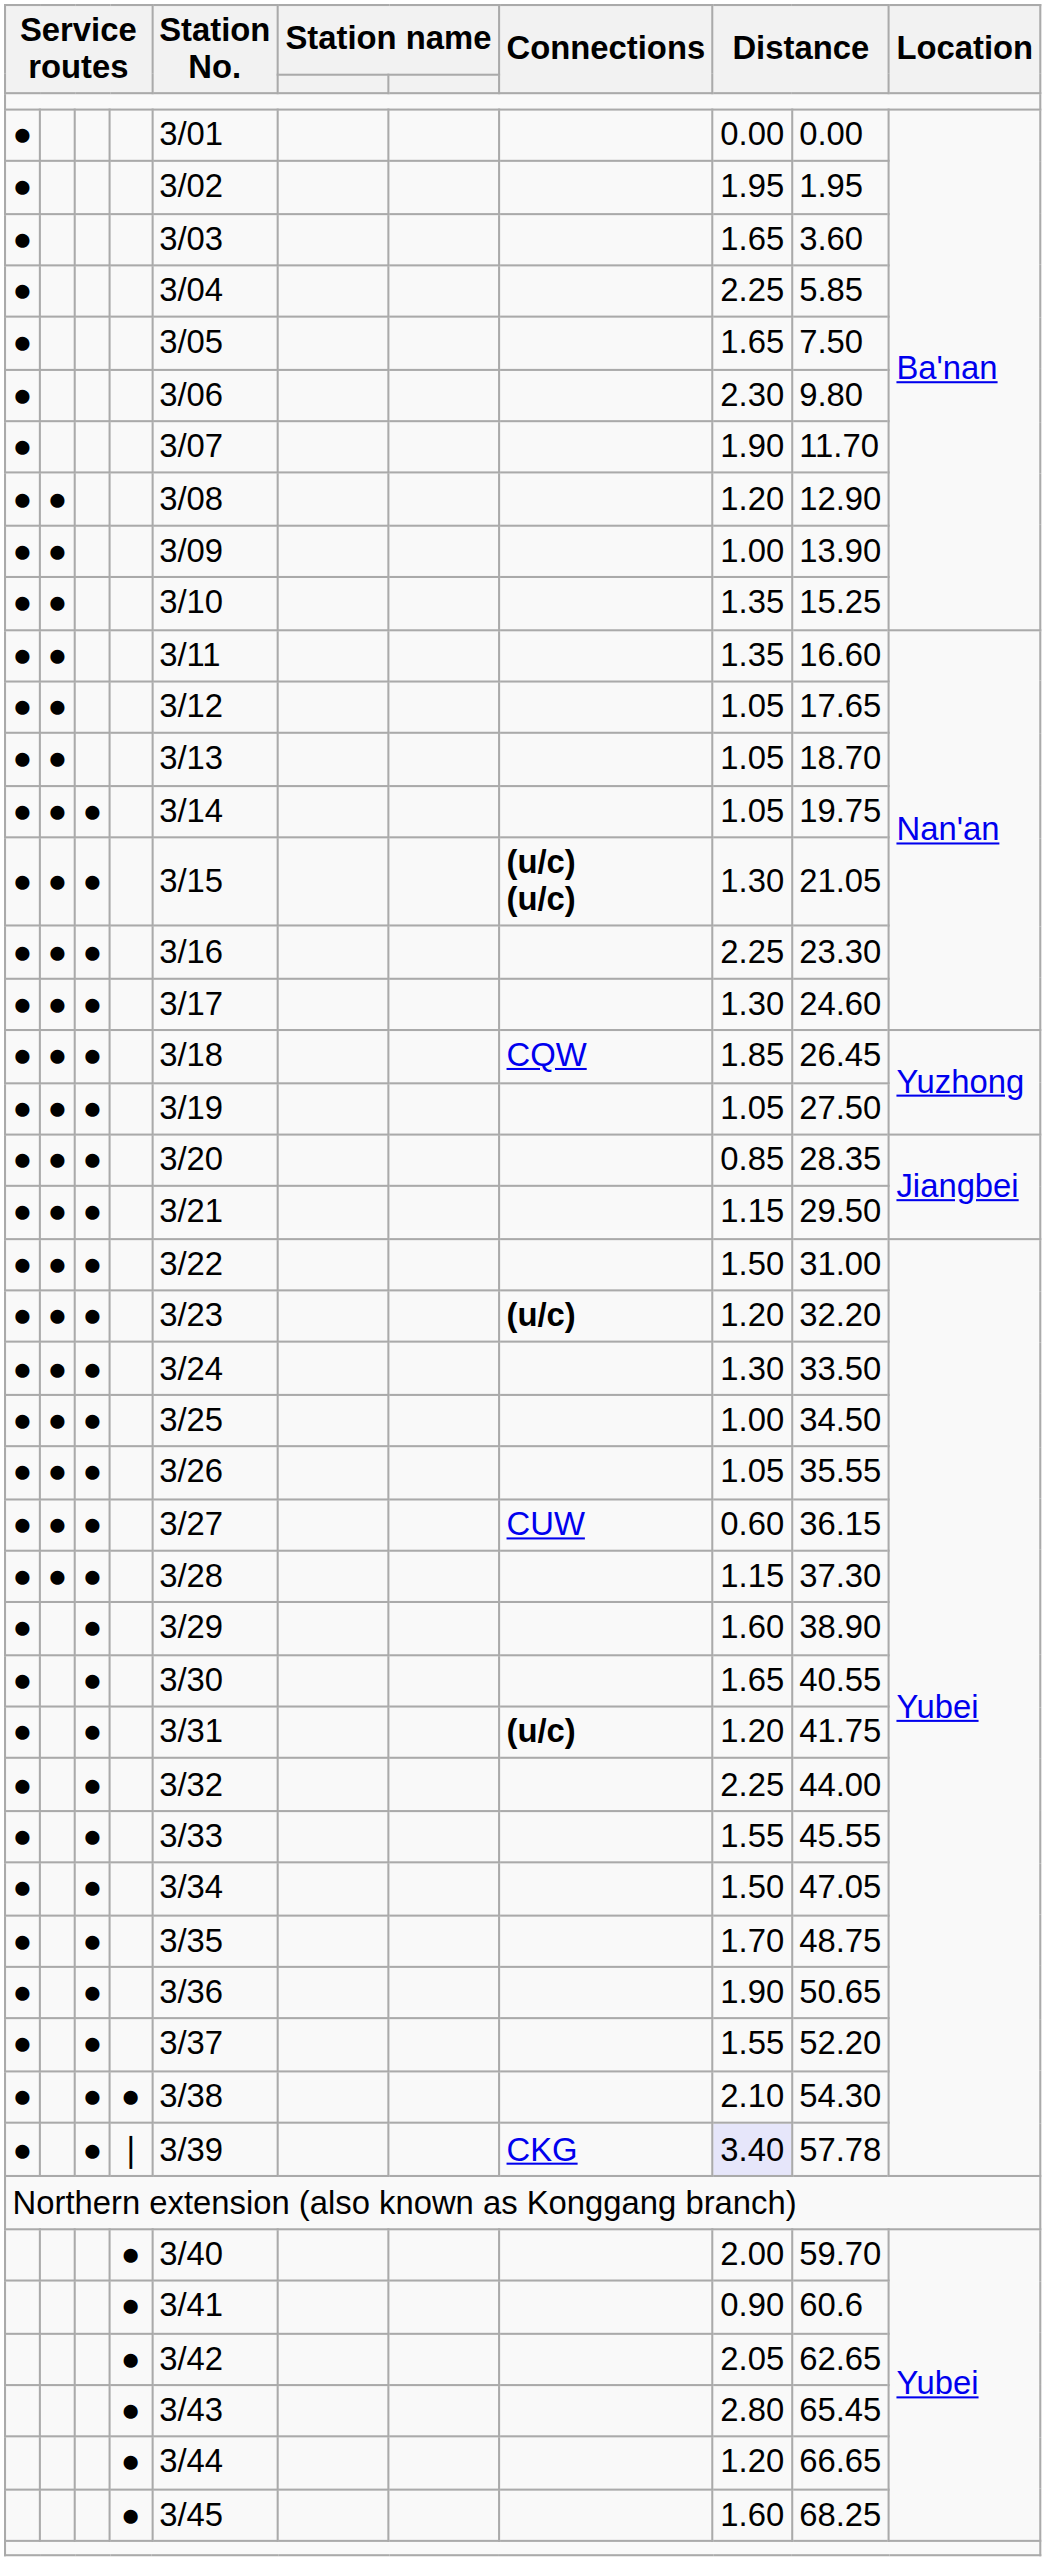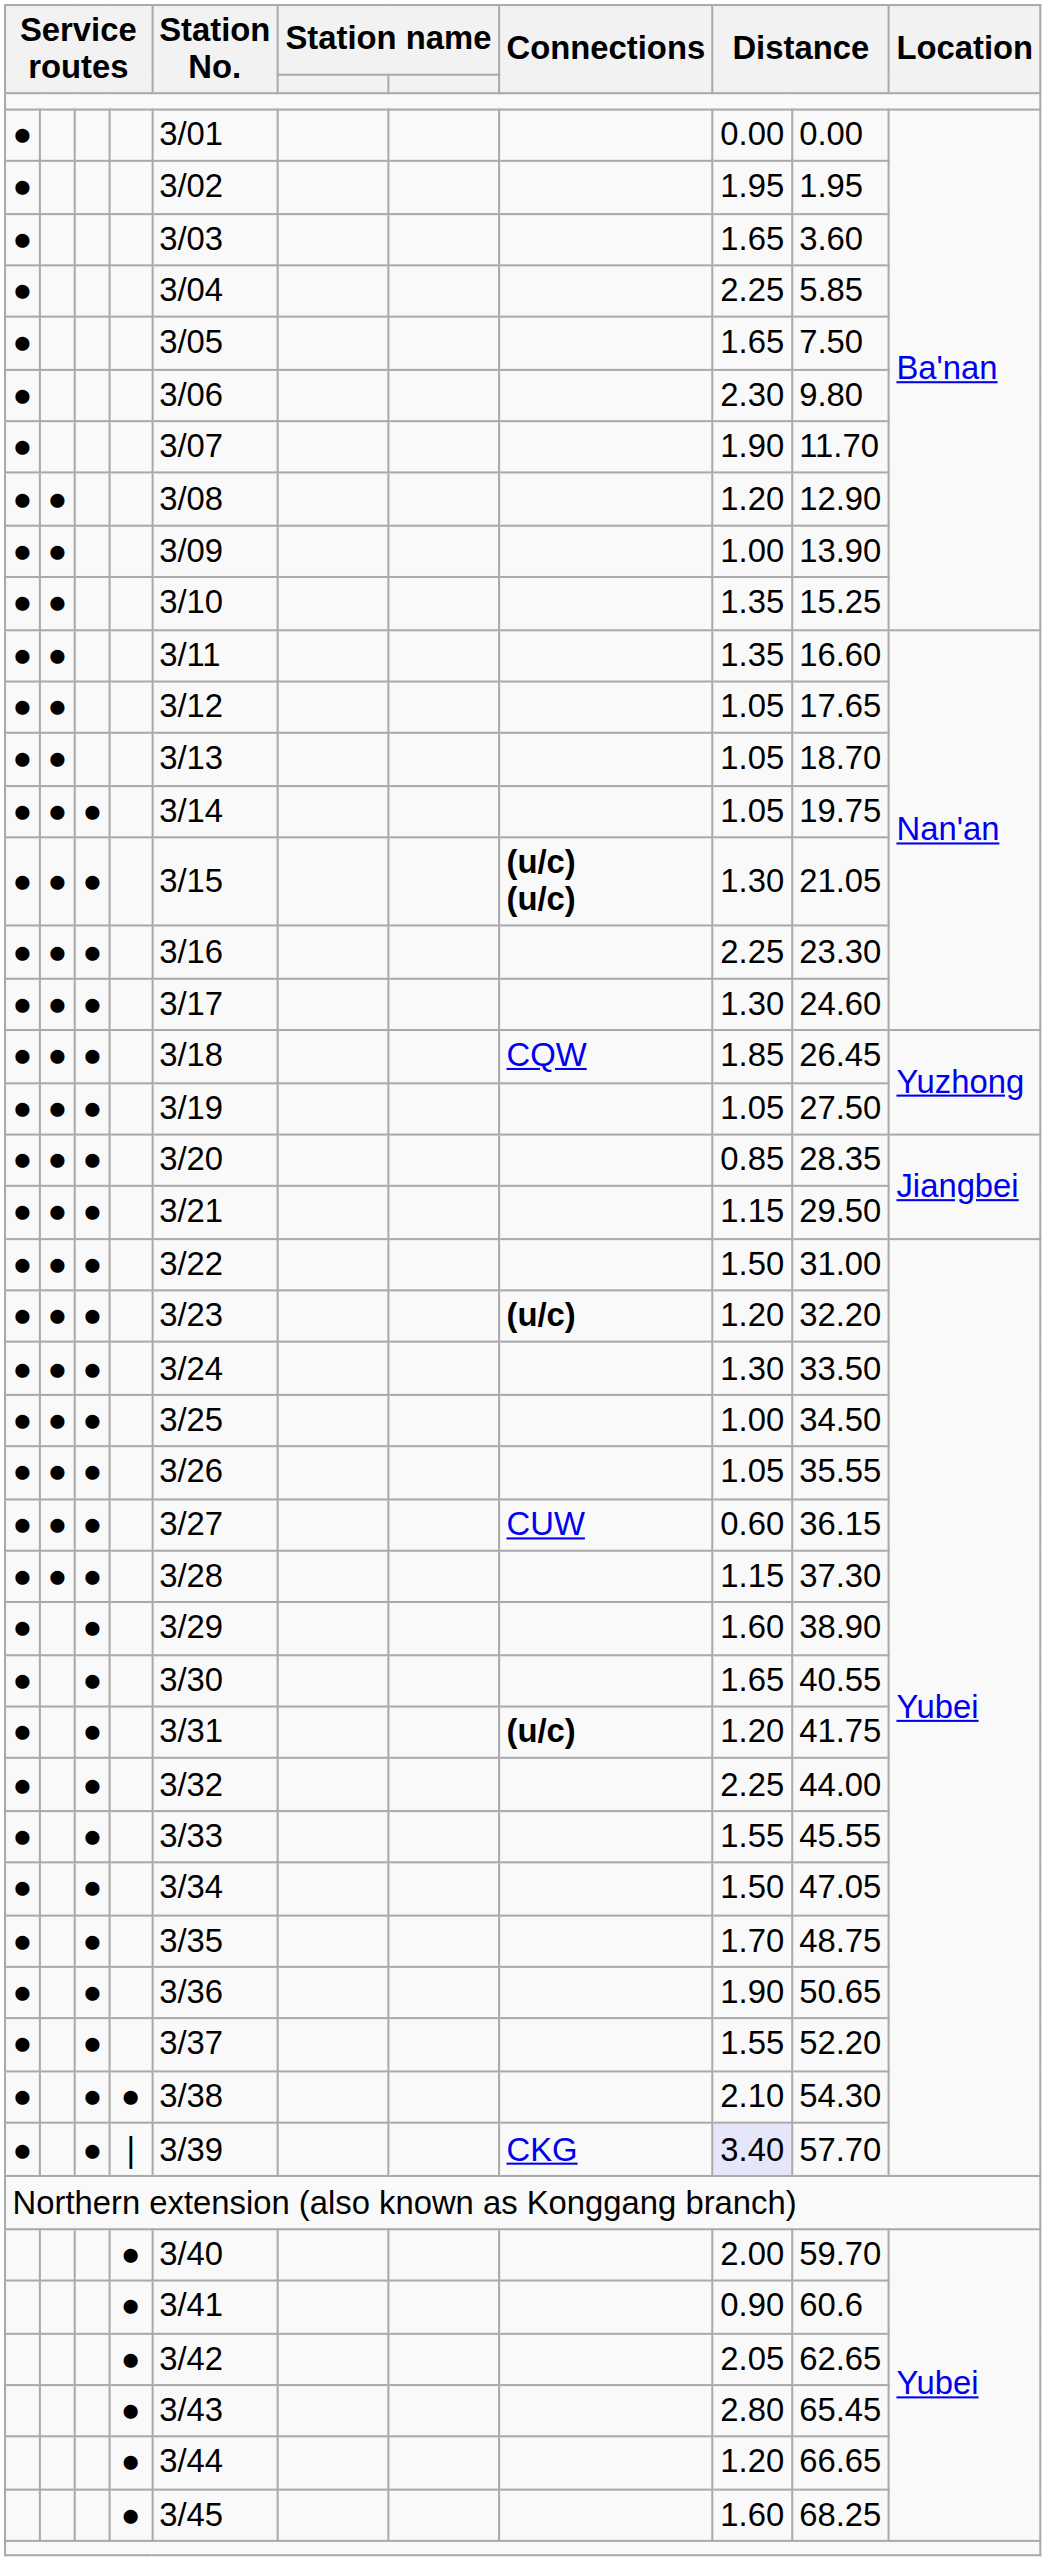 <table class="wikitable">
 <tr>
 <th rowspan="2" colspan="4">Service<br>routes</th>
 <th rowspan="2">Station<br>No.</th>
 <th colspan="2">Station name</th>
 <th rowspan="2">Connections</th>
 <th colspan="2" rowspan="2">Distance<br></th>
 <th rowspan="2">Location</th>
 </tr>
 <tr>
 <th></th>
 <th></th>
 </tr>
 <tr style="background:#">
 <td colspan="12"></td>
 </tr>
 <tr>
 <td align="center">●</td>
 <td align="center"></td>
 <td align="center"></td>
 <td align="center"></td>
 <td>3/01</td>
 <td></td>
 <td></td>
 <td></td>
 <td>0.00</td>
 <td>0.00</td>
 <td rowspan="10"><a href='#'>Ba'nan</a></td>
 </tr>
 <tr>
 <td align="center">●</td>
 <td align="center"></td>
 <td align="center"></td>
 <td align="center"></td>
 <td>3/02</td>
 <td></td>
 <td></td>
 <td></td>
 <td>1.95</td>
 <td>1.95</td>
 </tr>
 <tr>
 <td align="center">●</td>
 <td align="center"></td>
 <td align="center"></td>
 <td align="center"></td>
 <td>3/03</td>
 <td></td>
 <td></td>
 <td></td>
 <td>1.65</td>
 <td>3.60</td>
 </tr>
 <tr>
 <td align="center">●</td>
 <td align="center"></td>
 <td align="center"></td>
 <td align="center"></td>
 <td>3/04</td>
 <td></td>
 <td></td>
 <td></td>
 <td>2.25</td>
 <td>5.85</td>
 </tr>
 <tr>
 <td align="center">●</td>
 <td align="center"></td>
 <td align="center"></td>
 <td align="center"></td>
 <td>3/05</td>
 <td></td>
 <td></td>
 <td></td>
 <td>1.65</td>
 <td>7.50</td>
 </tr>
 <tr>
 <td align="center">●</td>
 <td align="center"></td>
 <td align="center"></td>
 <td align="center"></td>
 <td>3/06</td>
 <td></td>
 <td></td>
 <td></td>
 <td>2.30</td>
 <td>9.80</td>
 </tr>
 <tr>
 <td align="center">●</td>
 <td align="center"></td>
 <td align="center"></td>
 <td align="center"></td>
 <td>3/07</td>
 <td></td>
 <td></td>
 <td></td>
 <td>1.90</td>
 <td>11.70</td>
 </tr>
 <tr>
 <td align="center">●</td>
 <td align="center">●</td>
 <td align="center"></td>
 <td align="center"></td>
 <td>3/08</td>
 <td></td>
 <td></td>
 <td></td>
 <td>1.20</td>
 <td>12.90</td>
 </tr>
 <tr>
 <td align="center">●</td>
 <td align="center">●</td>
 <td align="center"></td>
 <td align="center"></td>
 <td>3/09</td>
 <td></td>
 <td></td>
 <td></td>
 <td>1.00</td>
 <td>13.90</td>
 </tr>
 <tr>
 <td align="center">●</td>
 <td align="center">●</td>
 <td align="center"></td>
 <td align="center"></td>
 <td>3/10</td>
 <td></td>
 <td></td>
 <td></td>
 <td>1.35</td>
 <td>15.25</td>
 </tr>
 <tr>
 <td align="center">●</td>
 <td align="center">●</td>
 <td align="center"></td>
 <td align="center"></td>
 <td>3/11</td>
 <td></td>
 <td></td>
 <td></td>
 <td>1.35</td>
 <td>16.60</td>
 <td rowspan="7"><a href='#'>Nan'an</a></td>
 </tr>
 <tr>
 <td align="center">●</td>
 <td align="center">●</td>
 <td align="center"></td>
 <td align="center"></td>
 <td>3/12</td>
 <td></td>
 <td></td>
 <td></td>
 <td>1.05</td>
 <td>17.65</td>
 </tr>
 <tr>
 <td align="center">●</td>
 <td align="center">●</td>
 <td align="center"></td>
 <td align="center"></td>
 <td>3/13</td>
 <td></td>
 <td></td>
 <td></td>
 <td>1.05</td>
 <td>18.70</td>
 </tr>
 <tr>
 <td align="center">●</td>
 <td align="center">●</td>
 <td align="center">●</td>
 <td align="center"></td>
 <td>3/14</td>
 <td></td>
 <td></td>
 <td></td>
 <td>1.05</td>
 <td>19.75</td>
 </tr>
 <tr>
 <td align="center">●</td>
 <td align="center">●</td>
 <td align="center">●</td>
 <td align="center"></td>
 <td>3/15</td>
 <td></td>
 <td></td>
 <td> <strong>(u/c)</strong><br> <strong>(u/c)</strong></td>
 <td>1.30</td>
 <td>21.05</td>
 </tr>
 <tr>
 <td align="center">●</td>
 <td align="center">●</td>
 <td align="center">●</td>
 <td align="center"></td>
 <td>3/16</td>
 <td></td>
 <td></td>
 <td></td>
 <td>2.25</td>
 <td>23.30</td>
 </tr>
 <tr>
 <td align="center">●</td>
 <td align="center">●</td>
 <td align="center">●</td>
 <td align="center"></td>
 <td>3/17</td>
 <td></td>
 <td></td>
 <td></td>
 <td>1.30</td>
 <td>24.60</td>
 </tr>
 <tr>
 <td align="center">●</td>
 <td align="center">●</td>
 <td align="center">●</td>
 <td align="center"></td>
 <td>3/18</td>
 <td></td>
 <td></td>
 <td>  <a href='#'>CQW</a></td>
 <td>1.85</td>
 <td>26.45</td>
 <td rowspan="2"><a href='#'>Yuzhong</a></td>
 </tr>
 <tr>
 <td align="center">●</td>
 <td align="center">●</td>
 <td align="center">●</td>
 <td align="center"></td>
 <td>3/19</td>
 <td></td>
 <td></td>
 <td></td>
 <td>1.05</td>
 <td>27.50</td>
 </tr>
 <tr>
 <td align="center">●</td>
 <td align="center">●</td>
 <td align="center">●</td>
 <td align="center"></td>
 <td>3/20</td>
 <td></td>
 <td></td>
 <td></td>
 <td>0.85</td>
 <td>28.35</td>
 <td rowspan="2"><a href='#'>Jiangbei</a></td>
 </tr>
 <tr>
 <td align="center">●</td>
 <td align="center">●</td>
 <td align="center">●</td>
 <td align="center"></td>
 <td>3/21</td>
 <td></td>
 <td></td>
 <td></td>
 <td>1.15</td>
 <td>29.50</td>
 </tr>
 <tr>
 <td align="center">●</td>
 <td align="center">●</td>
 <td align="center">●</td>
 <td align="center"></td>
 <td>3/22</td>
 <td></td>
 <td></td>
 <td></td>
 <td>1.50</td>
 <td>31.00</td>
 <td rowspan="18"><a href='#'>Yubei</a></td>
 </tr>
 <tr>
 <td align="center">●</td>
 <td align="center">●</td>
 <td align="center">●</td>
 <td align="center"></td>
 <td>3/23</td>
 <td></td>
 <td></td>
 <td> <strong>(u/c)</strong></td>
 <td>1.20</td>
 <td>32.20</td>
 </tr>
 <tr>
 <td align="center">●</td>
 <td align="center">●</td>
 <td align="center">●</td>
 <td align="center"></td>
 <td>3/24</td>
 <td></td>
 <td></td>
 <td></td>
 <td>1.30</td>
 <td>33.50</td>
 </tr>
 <tr>
 <td align="center">●</td>
 <td align="center">●</td>
 <td align="center">●</td>
 <td align="center"></td>
 <td>3/25</td>
 <td></td>
 <td></td>
 <td></td>
 <td>1.00</td>
 <td>34.50</td>
 </tr>
 <tr>
 <td align="center">●</td>
 <td align="center">●</td>
 <td align="center">●</td>
 <td align="center"></td>
 <td>3/26</td>
 <td></td>
 <td></td>
 <td></td>
 <td>1.05</td>
 <td>35.55</td>
 </tr>
 <tr>
 <td align="center">●</td>
 <td align="center">●</td>
 <td align="center">●</td>
 <td align="center"></td>
 <td>3/27</td>
 <td></td>
 <td></td>
 <td>    <a href='#'>CUW</a></td>
 <td>0.60</td>
 <td>36.15</td>
 </tr>
 <tr>
 <td align="center">●</td>
 <td align="center">●</td>
 <td align="center">●</td>
 <td align="center"></td>
 <td>3/28</td>
 <td></td>
 <td></td>
 <td></td>
 <td>1.15</td>
 <td>37.30</td>
 </tr>
 <tr>
 <td align="center">●</td>
 <td align="center"></td>
 <td align="center">●</td>
 <td align="center"></td>
 <td>3/29</td>
 <td></td>
 <td></td>
 <td></td>
 <td>1.60</td>
 <td>38.90</td>
 </tr>
 <tr>
 <td align="center">●</td>
 <td align="center"></td>
 <td align="center">●</td>
 <td align="center"></td>
 <td>3/30</td>
 <td></td>
 <td></td>
 <td></td>
 <td>1.65</td>
 <td>40.55</td>
 </tr>
 <tr>
 <td align="center">●</td>
 <td align="center"></td>
 <td align="center">●</td>
 <td align="center"></td>
 <td>3/31</td>
 <td></td>
 <td></td>
 <td> <strong>(u/c)</strong></td>
 <td>1.20</td>
 <td>41.75</td>
 </tr>
 <tr>
 <td align="center">●</td>
 <td align="center"></td>
 <td align="center">●</td>
 <td align="center"></td>
 <td>3/32</td>
 <td></td>
 <td></td>
 <td></td>
 <td>2.25</td>
 <td>44.00</td>
 </tr>
 <tr>
 <td align="center">●</td>
 <td align="center"></td>
 <td align="center">●</td>
 <td align="center"></td>
 <td>3/33</td>
 <td></td>
 <td></td>
 <td></td>
 <td>1.55</td>
 <td>45.55</td>
 </tr>
 <tr>
 <td align="center">●</td>
 <td align="center"></td>
 <td align="center">●</td>
 <td align="center"></td>
 <td>3/34</td>
 <td></td>
 <td></td>
 <td></td>
 <td>1.50</td>
 <td>47.05</td>
 </tr>
 <tr>
 <td align="center">●</td>
 <td align="center"></td>
 <td align="center">●</td>
 <td align="center"></td>
 <td>3/35</td>
 <td></td>
 <td></td>
 <td></td>
 <td>1.70</td>
 <td>48.75</td>
 </tr>
 <tr>
 <td align="center">●</td>
 <td align="center"></td>
 <td align="center">●</td>
 <td align="center"></td>
 <td>3/36</td>
 <td></td>
 <td></td>
 <td></td>
 <td>1.90</td>
 <td>50.65</td>
 </tr>
 <tr>
 <td align="center">●</td>
 <td align="center"></td>
 <td align="center">●</td>
 <td align="center"></td>
 <td>3/37</td>
 <td></td>
 <td></td>
 <td></td>
 <td>1.55</td>
 <td>52.20</td>
 </tr>
 <tr>
 <td align="center">●</td>
 <td align="center"></td>
 <td align="center">●</td>
 <td align="center">●</td>
 <td>3/38</td>
 <td></td>
 <td></td>
 <td></td>
 <td>2.10</td>
 <td>54.30</td>
 </tr>
 <tr>
 <td align="center">●</td>
 <td align="center"></td>
 <td align="center">●</td>
 <td align="center">❘</td>
 <td>3/39</td>
 <td></td>
 <td></td>
 <td>  <a href='#'>CKG</a></td>
 <td style="background: lavender;">3.40</td>
-<td>57.78</td>
+<td>57.70</td>
 </tr>
 <tr style="background-color:#">
 <td colspan="11"> Northern extension (also known as Konggang branch)</td>
 </tr>
 <tr>
 <td align="center"></td>
 <td align="center"></td>
 <td align="center"></td>
 <td align="center">●</td>
 <td>3/40</td>
 <td></td>
 <td></td>
 <td></td>
 <td>2.00</td>
 <td>59.70</td>
 <td rowspan="6"><a href='#'>Yubei</a></td>
 </tr>
 <tr>
 <td align="center"></td>
 <td align="center"></td>
 <td align="center"></td>
 <td align="center">●</td>
 <td>3/41</td>
 <td></td>
 <td></td>
 <td></td>
 <td>0.90</td>
 <td>60.6</td>
 </tr>
 <tr>
 <td align="center"></td>
 <td align="center"></td>
 <td align="center"></td>
 <td align="center">●</td>
 <td>3/42</td>
 <td></td>
 <td></td>
 <td></td>
 <td>2.05</td>
 <td>62.65</td>
 </tr>
 <tr>
 <td align="center"></td>
 <td align="center"></td>
 <td align="center"></td>
 <td align="center">●</td>
 <td>3/43</td>
 <td></td>
 <td></td>
 <td></td>
 <td>2.80</td>
 <td>65.45</td>
 </tr>
 <tr>
 <td align="center"></td>
 <td align="center"></td>
 <td align="center"></td>
 <td align="center">●</td>
 <td>3/44</td>
 <td></td>
 <td></td>
 <td></td>
 <td>1.20</td>
 <td>66.65</td>
 </tr>
 <tr>
 <td align="center"></td>
 <td align="center"></td>
 <td align="center"></td>
 <td align="center">●</td>
 <td>3/45</td>
 <td></td>
 <td></td>
 <td></td>
 <td>1.60</td>
 <td>68.25</td>
 </tr>
 <tr style="background:#">
 <td colspan="11"></td>
 </tr>
 </table>
